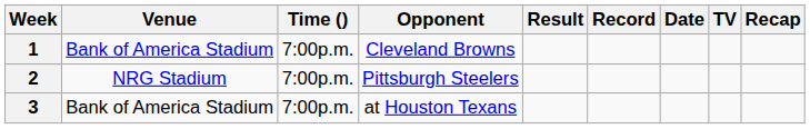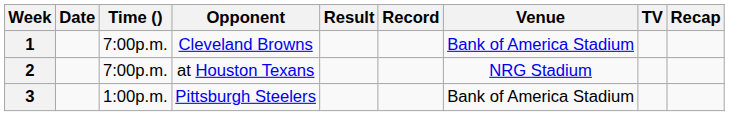 <table class="wikitable" style="text-align:center">
 <tr>
 <th>Week</th>
-<th>Venue</th>
+<th>Date</th>
 <th>Time (<a href='#'></a>)</th>
 <th>Opponent</th>
 <th>Result</th>
 <th>Record</th>
-<th>Date</th>
+<th>Venue</th>
 <th>TV</th>
 <th>Recap</th>
 </tr>
 <tr>
 <th>1</th>
-<td><a href='#'>Bank of America Stadium</a></td>
+<td></td>
 <td>7:00p.m.</td>
 <td><a href='#'>Cleveland Browns</a></td>
 <td></td>
 <td></td>
-<td></td>
+<td><a href='#'>Bank of America Stadium</a></td>
 <td></td>
 <td></td>
 </tr>
 <tr>
 <th>2</th>
-<td><a href='#'>NRG Stadium</a></td>
+<td></td>
 <td>7:00p.m.</td>
-<td><a href='#'>Pittsburgh Steelers</a></td>
+<td>at <a href='#'>Houston Texans</a></td>
 <td></td>
 <td></td>
-<td></td>
+<td><a href='#'>NRG Stadium</a></td>
 <td></td>
 <td></td>
 </tr>
 <tr>
 <th>3</th>
-<td>Bank of America Stadium</td>
-<td>7:00p.m.</td>
-<td>at <a href='#'>Houston Texans</a></td>
+<td></td>
+<td>1:00p.m.</td>
+<td><a href='#'>Pittsburgh Steelers</a></td>
 <td></td>
 <td></td>
-<td></td>
+<td>Bank of America Stadium</td>
 <td></td>
 <td></td>
 </tr>
 </table>
